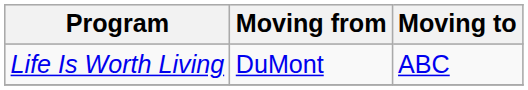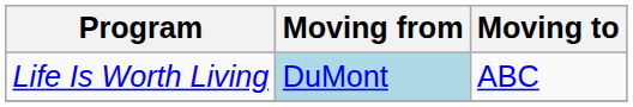 <table class="wikitable">
 <tr>
 <th>Program</th>
 <th>Moving from</th>
 <th>Moving to</th>
 </tr>
 <tr>
 <td><em><a href='#'>Life Is Worth Living</a></em></td>
-<td><a href='#'>DuMont</a></td>
+<td style="background: lightblue;"><a href='#'>DuMont</a></td>
 <td><a href='#'>ABC</a></td>
 </tr>
 <tr>
 </tr>
 </table>
